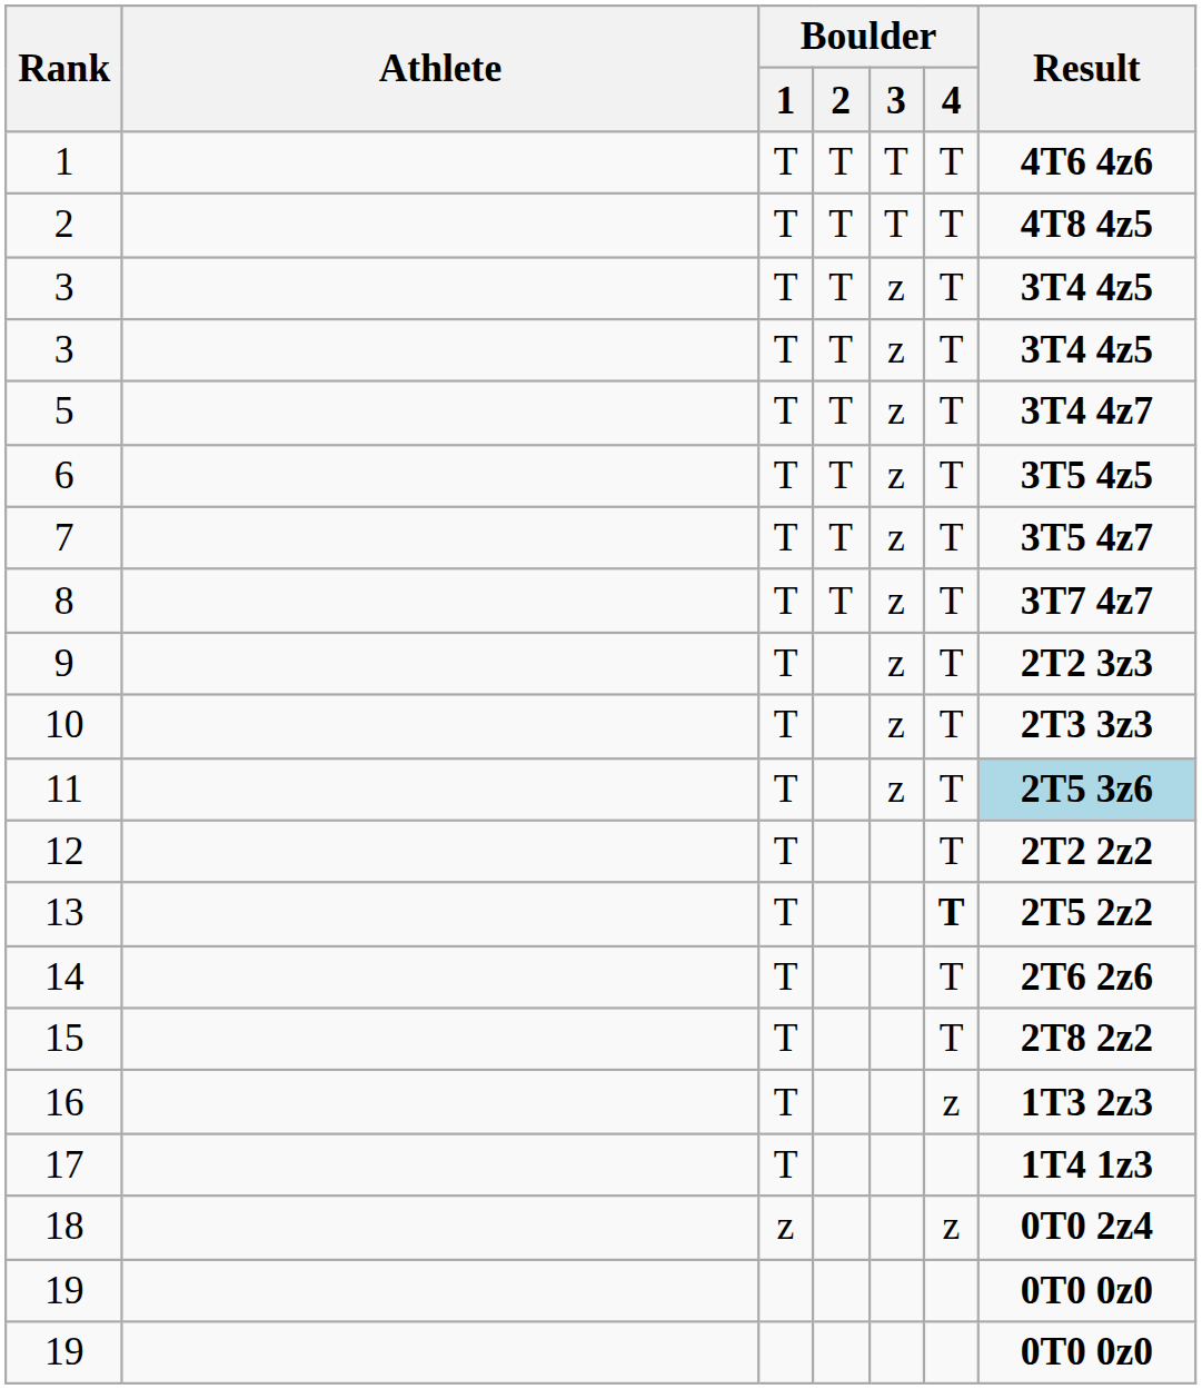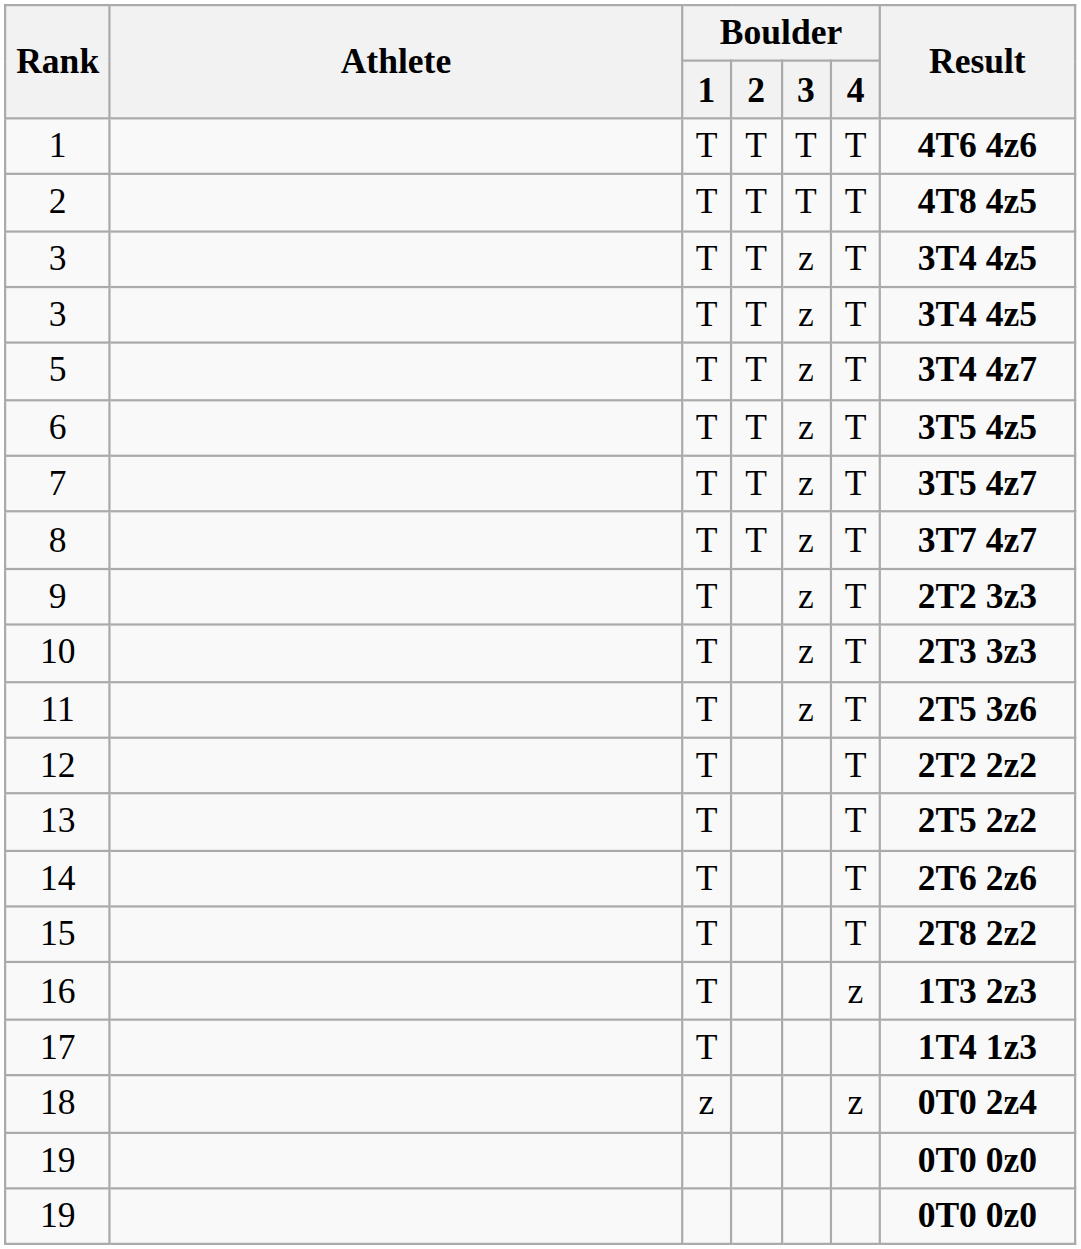 <table class="wikitable" style="text-align:center">
 <tr>
 <th rowspan="2" width=40>Rank</th>
 <th rowspan="2" width=250>Athlete</th>
 <th colspan=4>Boulder</th>
 <th rowspan="2" width=80>Result</th>
 </tr>
 <tr>
 <th width=15>1</th>
 <th width=15>2</th>
 <th width=15>3</th>
 <th width=15>4</th>
 </tr>
 <tr>
 <td>1</td>
 <td align=left></td>
 <td>T</td>
 <td>T</td>
 <td>T</td>
 <td>T</td>
 <td><strong>4T6 4z6</strong></td>
 </tr>
 <tr>
 <td>2</td>
 <td align=left></td>
 <td>T</td>
 <td>T</td>
 <td>T</td>
 <td>T</td>
 <td><strong>4T8 4z5</strong></td>
 </tr>
 <tr>
 <td>3</td>
 <td align=left></td>
 <td>T</td>
 <td>T</td>
 <td>z</td>
 <td>T</td>
 <td><strong>3T4 4z5</strong></td>
 </tr>
 <tr>
 <td>3</td>
 <td align=left></td>
 <td>T</td>
 <td>T</td>
 <td>z</td>
 <td>T</td>
 <td><strong>3T4 4z5</strong></td>
 </tr>
 <tr>
 <td>5</td>
 <td align=left></td>
 <td>T</td>
 <td>T</td>
 <td>z</td>
 <td>T</td>
 <td><strong>3T4 4z7</strong></td>
 </tr>
 <tr>
 <td>6</td>
 <td align=left></td>
 <td>T</td>
 <td>T</td>
 <td>z</td>
 <td>T</td>
 <td><strong>3T5 4z5</strong></td>
 </tr>
 <tr>
 <td>7</td>
 <td align=left></td>
 <td>T</td>
 <td>T</td>
 <td>z</td>
 <td>T</td>
 <td><strong>3T5 4z7</strong></td>
 </tr>
 <tr>
 <td>8</td>
 <td align=left></td>
 <td>T</td>
 <td>T</td>
 <td>z</td>
 <td>T</td>
 <td><strong>3T7 4z7</strong></td>
 </tr>
 <tr>
 <td>9</td>
 <td align=left></td>
 <td>T</td>
 <td></td>
 <td>z</td>
 <td>T</td>
 <td><strong>2T2 3z3</strong></td>
 </tr>
 <tr>
 <td>10</td>
 <td align=left></td>
 <td>T</td>
 <td></td>
 <td>z</td>
 <td>T</td>
 <td><strong>2T3 3z3</strong></td>
 </tr>
 <tr>
 <td>11</td>
 <td align=left></td>
 <td>T</td>
 <td></td>
 <td>z</td>
 <td>T</td>
-<td style="background: lightblue;"><strong>2T5 3z6</strong></td>
+<td><strong>2T5 3z6</strong></td>
 </tr>
 <tr>
 <td>12</td>
 <td align=left></td>
 <td>T</td>
 <td></td>
 <td></td>
 <td>T</td>
 <td><strong>2T2 2z2</strong></td>
 </tr>
 <tr>
 <td>13</td>
 <td align=left></td>
 <td>T</td>
 <td></td>
 <td></td>
-<td><strong>T</strong></td>
+<td>T</td>
 <td><strong>2T5 2z2</strong></td>
 </tr>
 <tr>
 <td>14</td>
 <td align=left></td>
 <td>T</td>
 <td></td>
 <td></td>
 <td>T</td>
 <td><strong>2T6 2z6</strong></td>
 </tr>
 <tr>
 <td>15</td>
 <td align=left></td>
 <td>T</td>
 <td></td>
 <td></td>
 <td>T</td>
 <td><strong>2T8 2z2</strong></td>
 </tr>
 <tr>
 <td>16</td>
 <td align=left></td>
 <td>T</td>
 <td></td>
 <td></td>
 <td>z</td>
 <td><strong>1T3 2z3</strong></td>
 </tr>
 <tr>
 <td>17</td>
 <td align=left></td>
 <td>T</td>
 <td></td>
 <td></td>
 <td></td>
 <td><strong>1T4 1z3</strong></td>
 </tr>
 <tr>
 <td>18</td>
 <td align=left></td>
 <td>z</td>
 <td></td>
 <td></td>
 <td>z</td>
 <td><strong>0T0 2z4</strong></td>
 </tr>
 <tr>
 <td>19</td>
 <td align=left></td>
 <td></td>
 <td></td>
 <td></td>
 <td></td>
 <td><strong>0T0 0z0</strong></td>
 </tr>
 <tr>
 <td>19</td>
 <td align=left></td>
 <td></td>
 <td></td>
 <td></td>
 <td></td>
 <td><strong>0T0 0z0</strong></td>
 </tr>
 </table>
